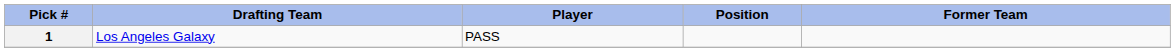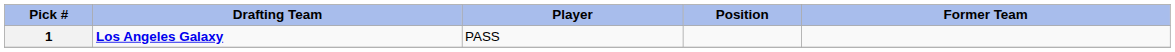 <table class="wikitable sortable" style="width: 70%">
 <tr>
 <th style="background:#A8BDEC;" width=6%>Pick #</th>
 <th width=25% style="background:#A8BDEC;">Drafting Team</th>
 <th width=15% style="background:#A8BDEC;">Player</th>
 <th width=8% style="background:#A8BDEC;">Position</th>
 <th width=25% style="background:#A8BDEC;">Former Team</th>
 </tr>
 <tr>
 <th>1</th>
-<td><a href='#'>Los Angeles Galaxy</a></td>
+<td><strong><a href='#'>Los Angeles Galaxy</a></strong></td>
 <td>PASS</td>
 <td></td>
 <td></td>
 </tr>
 <tr>
 </tr>
 </table>
